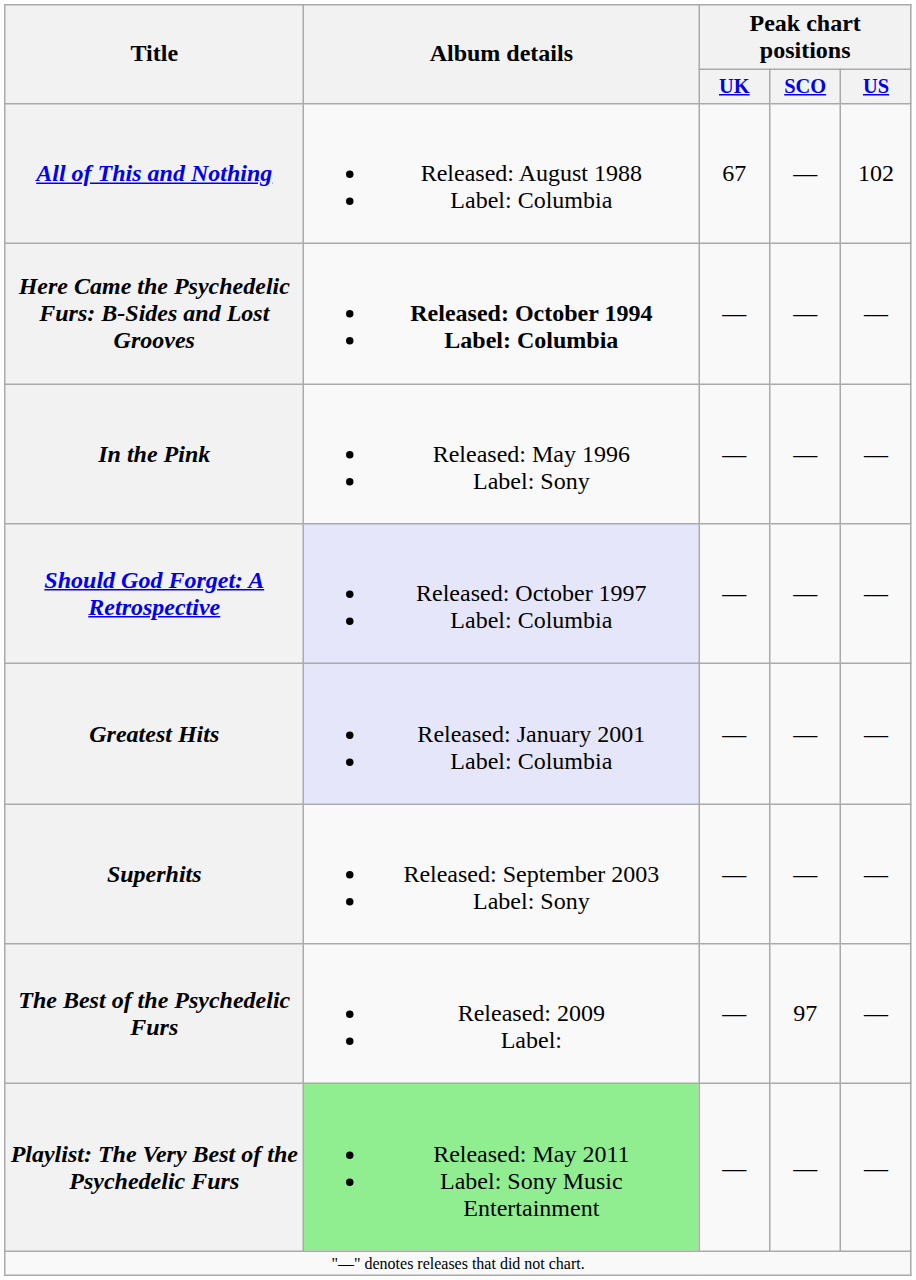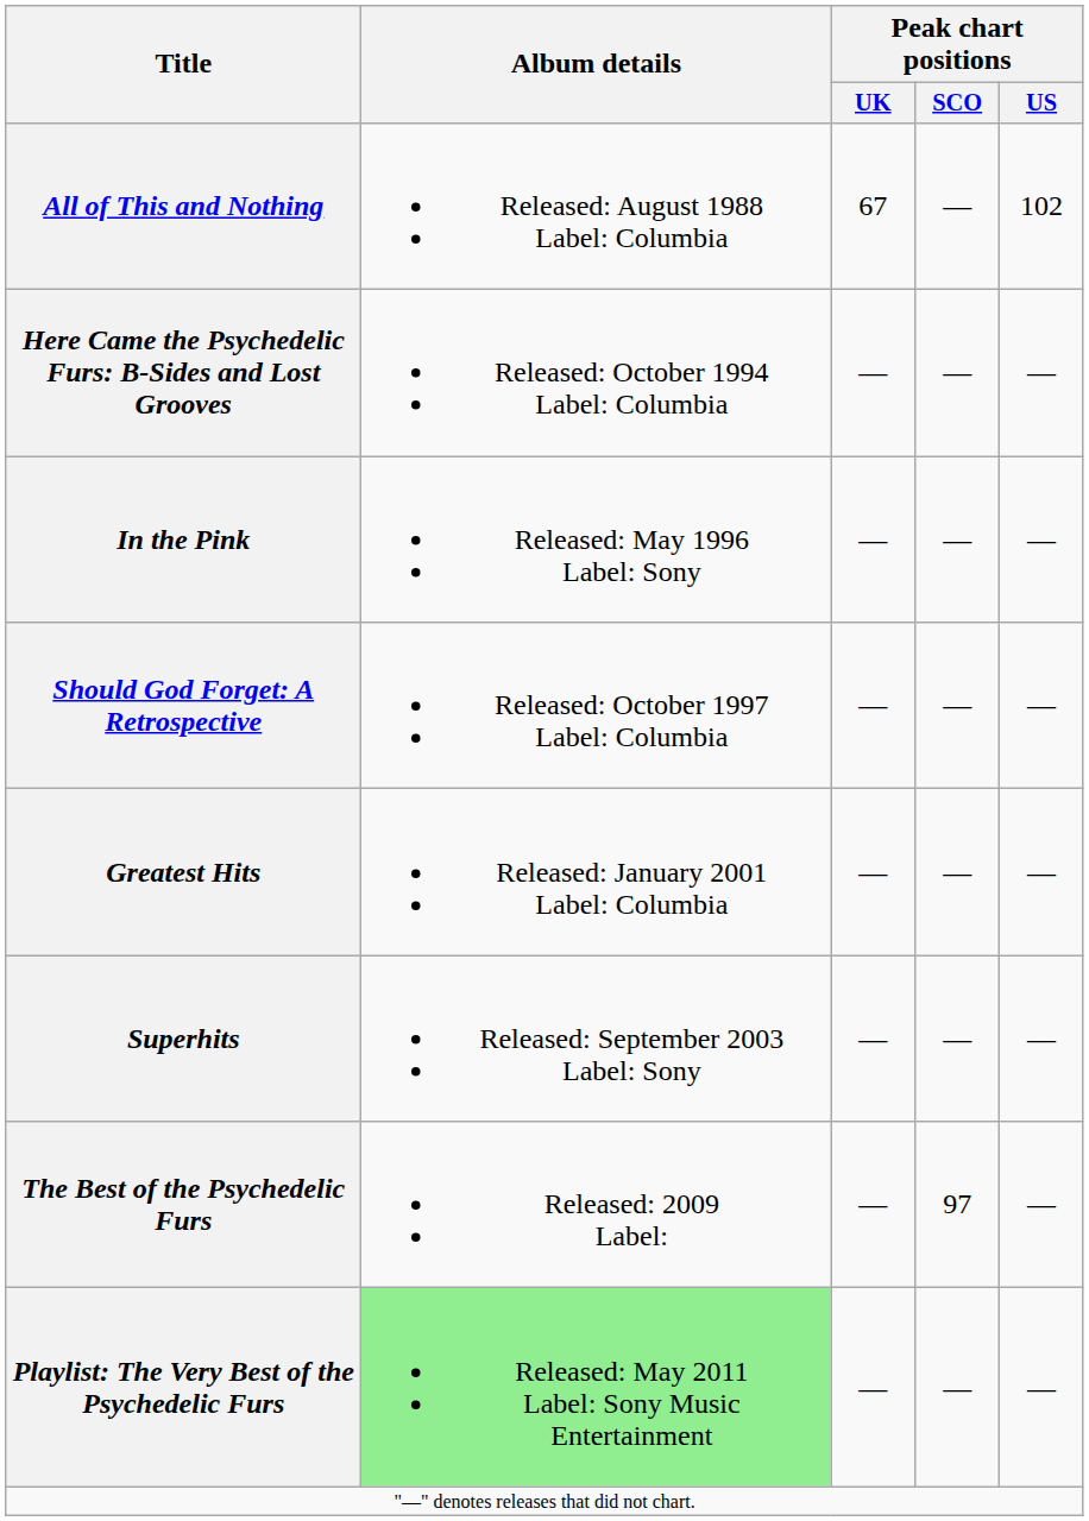 <table class="wikitable plainrowheaders" style="text-align:center;">
 <tr>
 <th scope="col" rowspan="2" style="width:12em;">Title</th>
 <th scope="col" rowspan="2" style="width:16em;">Album details</th>
 <th scope="col" colspan="3">Peak chart positions</th>
 </tr>
 <tr>
 <th style="width:3em;font-size:85%"><a href='#'>UK</a><br></th>
 <th style="width:3em;font-size:85%"><a href='#'>SCO</a><br></th>
 <th style="width:3em;font-size:85%"><a href='#'>US</a><br></th>
 </tr>
 <tr>
 <th scope="row"><em><a href='#'>All of This and Nothing</a></em></th>
 <td><br><ul><li>Released: August 1988</li><li>Label: Columbia</li></ul></td>
 <td>67</td>
 <td>—</td>
 <td>102</td>
 </tr>
 <tr>
 <th scope="row"><em>Here Came the Psychedelic Furs: B-Sides and Lost Grooves</em></th>
-<td><strong><br><ul><li>Released: October 1994</li><li>Label: Columbia</li></ul></strong></td>
+<td><br><ul><li>Released: October 1994</li><li>Label: Columbia</li></ul></td>
 <td>—</td>
 <td>—</td>
 <td>—</td>
 </tr>
 <tr>
 <th scope="row"><em>In the Pink</em></th>
 <td><br><ul><li>Released: May 1996</li><li>Label: Sony</li></ul></td>
 <td>—</td>
 <td>—</td>
 <td>—</td>
 </tr>
 <tr>
 <th scope="row"><em><a href='#'>Should God Forget: A Retrospective</a></em></th>
-<td style="background: lavender;"><br><ul><li>Released: October 1997</li><li>Label: Columbia</li></ul></td>
+<td><br><ul><li>Released: October 1997</li><li>Label: Columbia</li></ul></td>
 <td>—</td>
 <td>—</td>
 <td>—</td>
 </tr>
 <tr>
 <th scope="row"><em>Greatest Hits</em></th>
-<td style="background: lavender;"><br><ul><li>Released: January 2001</li><li>Label: Columbia</li></ul></td>
+<td><br><ul><li>Released: January 2001</li><li>Label: Columbia</li></ul></td>
 <td>—</td>
 <td>—</td>
 <td>—</td>
 </tr>
 <tr>
 <th scope="row"><em>Superhits</em></th>
 <td><br><ul><li>Released: September 2003</li><li>Label: Sony</li></ul></td>
 <td>—</td>
 <td>—</td>
 <td>—</td>
 </tr>
 <tr>
 <th scope="row"><em>The Best of the Psychedelic Furs</em></th>
 <td><br><ul><li>Released: 2009</li><li>Label:</li></ul></td>
 <td>—</td>
 <td>97</td>
 <td>—</td>
 </tr>
 <tr>
 <th scope="row"><em>Playlist: The Very Best of the Psychedelic Furs</em></th>
 <td style="background: lightgreen;"><br><ul><li>Released: May 2011</li><li>Label: Sony Music Entertainment</li></ul></td>
 <td>—</td>
 <td>—</td>
 <td>—</td>
 </tr>
 <tr>
 <td colspan="21" style="text-align:center; font-size:8pt;">"—" denotes releases that did not chart.</td>
 </tr>
 </table>
